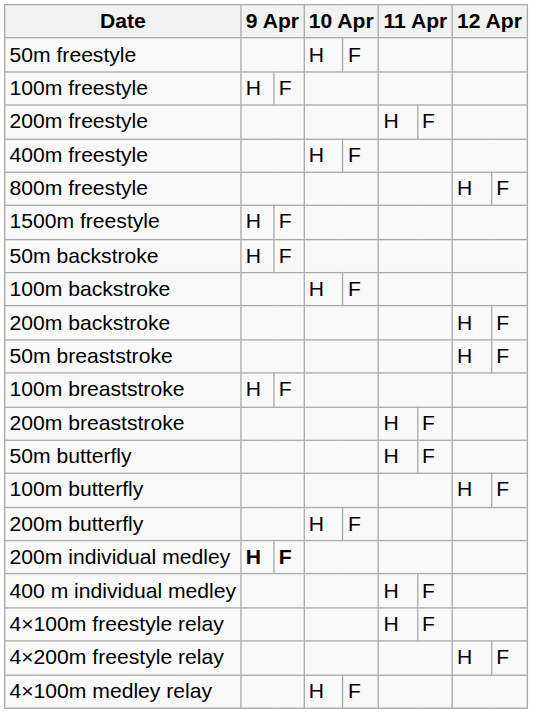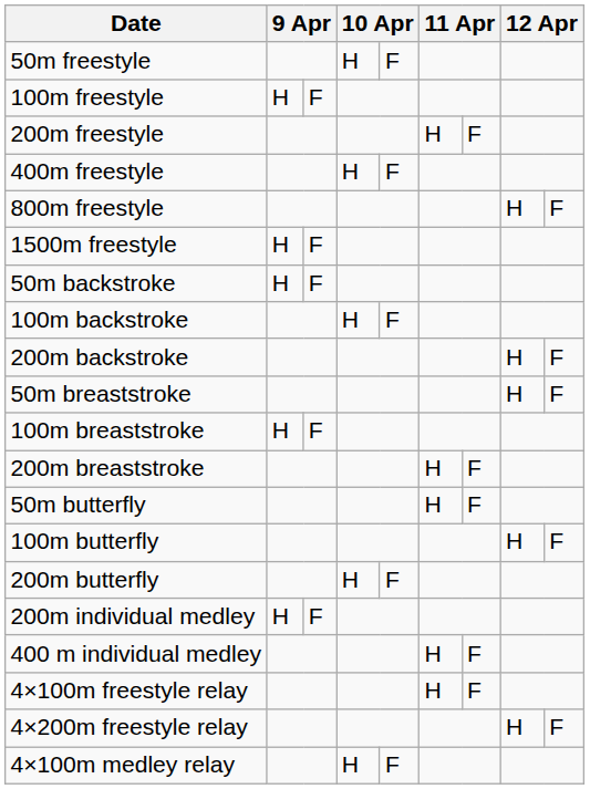 <table class="wikitable swimming-schedule">
 <tr>
 <th scope="row">Date</th>
 <th scope="col" colspan="2">9 Apr</th>
 <th scope="col" colspan="2">10 Apr</th>
 <th scope="col" colspan="2">11 Apr</th>
 <th scope="col" colspan="2">12 Apr</th>
 </tr>
 <tr>
 <td class="event">50m freestyle</td>
 <td colspan=2></td>
 <td class="heats">H</td>
 <td class="final">F</td>
 <td colspan=2></td>
 <td colspan=2></td>
 </tr>
 <tr>
 <td class="event">100m freestyle</td>
 <td class="heats">H</td>
 <td class="final">F</td>
 <td colspan=2></td>
 <td colspan=2></td>
 <td colspan=2></td>
 </tr>
 <tr>
 <td class="event">200m freestyle</td>
 <td colspan=2></td>
 <td colspan=2></td>
 <td class="heats">H</td>
 <td class="final">F</td>
 <td colspan=2></td>
 </tr>
 <tr>
 <td class="event">400m freestyle</td>
 <td colspan=2></td>
 <td class="heats">H</td>
 <td class="final">F</td>
 <td colspan=2></td>
 <td colspan=2></td>
 </tr>
 <tr>
 <td class="event">800m freestyle</td>
 <td colspan=2></td>
 <td colspan=2></td>
 <td colspan=2></td>
 <td class="heats">H</td>
 <td class="final">F</td>
 </tr>
 <tr>
 <td class="event">1500m freestyle</td>
 <td class="heats">H</td>
 <td class="final">F</td>
 <td colspan=2></td>
 <td colspan=2></td>
 <td colspan=2></td>
 </tr>
 <tr>
 <td class="event">50m backstroke</td>
 <td class="heats">H</td>
 <td class="final">F</td>
 <td colspan=2></td>
 <td colspan=2></td>
 <td colspan=2></td>
 </tr>
 <tr>
 <td class="event">100m backstroke</td>
 <td colspan=2></td>
 <td class="heats">H</td>
 <td class="final">F</td>
 <td colspan=2></td>
 <td colspan=2></td>
 </tr>
 <tr>
 <td class="event">200m backstroke</td>
 <td colspan=2></td>
 <td colspan=2></td>
 <td colspan=2></td>
 <td class="heats">H</td>
 <td class="final">F</td>
 </tr>
 <tr>
 <td class="event">50m breaststroke</td>
 <td colspan=2></td>
 <td colspan=2></td>
 <td colspan=2></td>
 <td class="heats">H</td>
 <td class="final">F</td>
 </tr>
 <tr>
 <td class="event">100m breaststroke</td>
 <td class="heats">H</td>
 <td class="final">F</td>
 <td colspan=2></td>
 <td colspan=2></td>
 <td colspan=2></td>
 </tr>
 <tr>
 <td class="event">200m breaststroke</td>
 <td colspan=2></td>
 <td colspan=2></td>
 <td class="heats">H</td>
 <td class="final">F</td>
 <td colspan=2></td>
 </tr>
 <tr>
 <td class="event">50m butterfly</td>
 <td colspan=2></td>
 <td colspan=2></td>
 <td class="heats">H</td>
 <td class="final">F</td>
 <td colspan=2></td>
 </tr>
 <tr>
 <td class="event">100m butterfly</td>
 <td colspan=2></td>
 <td colspan=2></td>
 <td colspan=2></td>
 <td class="heats">H</td>
 <td class="final">F</td>
 </tr>
 <tr>
 <td class="event">200m butterfly</td>
 <td colspan=2></td>
 <td class="heats">H</td>
 <td class="final">F</td>
 <td colspan=2></td>
 <td colspan=2></td>
 </tr>
 <tr>
 <td class="event">200m individual medley</td>
-<td class="heats"><strong>H</strong></td>
-<td class="final"><strong>F</strong></td>
+<td class="heats">H</td>
+<td class="final">F</td>
 <td colspan=2></td>
 <td colspan=2></td>
 <td colspan=2></td>
 </tr>
 <tr>
 <td class="event">400 m individual medley</td>
 <td colspan=2></td>
 <td colspan=2></td>
 <td class="heats">H</td>
 <td class="final">F</td>
 <td colspan=2></td>
 </tr>
 <tr>
 <td class="event">4×100m freestyle relay</td>
 <td colspan=2></td>
 <td colspan=2></td>
 <td class="heats">H</td>
 <td class="final">F</td>
 <td colspan=2></td>
 </tr>
 <tr>
 <td class="event">4×200m freestyle relay</td>
 <td colspan=2></td>
 <td colspan=2></td>
 <td colspan=2></td>
 <td class="heats">H</td>
 <td class="final">F</td>
 </tr>
 <tr>
 <td class="event">4×100m medley relay</td>
 <td colspan=2></td>
 <td class="heats">H</td>
 <td class="final">F</td>
 <td colspan=2></td>
 <td colspan=2></td>
 </tr>
 </table>
